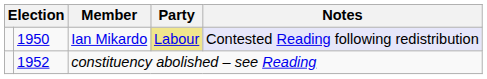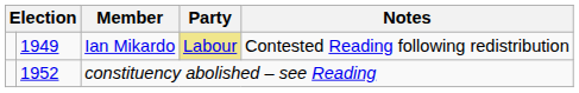 <table class="wikitable">
 <tr>
 <th colspan="2">Election</th>
 <th>Member</th>
 <th>Party</th>
 <th>Notes</th>
 </tr>
 <tr>
 <td style="color:inherit;background-color: "></td>
-<td><a href='#'>1950</a></td>
+<td><a href='#'>1949</a></td>
 <td><a href='#'>Ian Mikardo</a></td>
 <td style="background: khaki;"><a href='#'>Labour</a></td>
-<td style="background: lavender;">Contested <a href='#'>Reading</a> following redistribution</td>
+<td>Contested <a href='#'>Reading</a> following redistribution</td>
 </tr>
 <tr>
 <td></td>
 <td><a href='#'>1952</a></td>
 <td colspan="3"><em>constituency abolished – see <a href='#'>Reading</a></em></td>
 </tr>
 </table>
